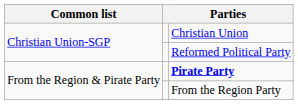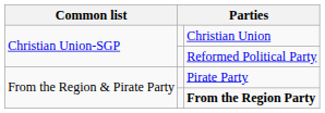 <table class="wikitable">
 <tr>
 <th>Common list</th>
 <th colspan="2">Parties</th>
 </tr>
 <tr>
 <td rowspan="2"><a href='#'>Christian Union-SGP</a></td>
 <td style="background:"></td>
 <td><a href='#'>Christian Union</a></td>
 </tr>
 <tr>
 <td style="background:"></td>
 <td><a href='#'>Reformed Political Party</a></td>
 </tr>
 <tr>
 <td rowspan="2">From the Region & Pirate Party</td>
 <td style="background:"></td>
-<td><strong><a href='#'>Pirate Party</a></strong></td>
+<td><a href='#'>Pirate Party</a></td>
 </tr>
 <tr>
 <td style="background:"></td>
-<td>From the Region Party</td>
+<td><strong>From the Region Party</strong></td>
 </tr>
 </table>
